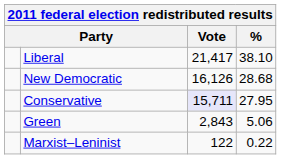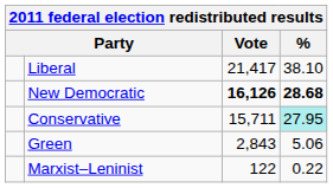 <table class="wikitable">
 <tr>
 <th colspan="4"><a href='#'>2011 federal election</a> redistributed results</th>
 </tr>
 <tr>
 <th bgcolor="#DDDDFF" width="130px" colspan="2">Party</th>
 <th bgcolor="#DDDDFF" width="50px">Vote</th>
 <th bgcolor="#DDDDFF" width="30px">%</th>
 </tr>
 <tr>
 <td> </td>
 <td><a href='#'>Liberal</a></td>
 <td align=right>21,417</td>
 <td align=right>38.10</td>
 </tr>
 <tr>
 <td> </td>
 <td><a href='#'>New Democratic</a></td>
-<td align=right>16,126</td>
-<td align=right>28.68</td>
+<td align=right><strong>16,126</strong></td>
+<td align=right><strong>28.68</strong></td>
 </tr>
 <tr>
 <td> </td>
 <td><a href='#'>Conservative</a></td>
-<td align=right style="background: lavender;">15,711</td>
-<td align=right>27.95</td>
+<td align=right>15,711</td>
+<td align=right style="background: paleturquoise;">27.95</td>
 </tr>
 <tr>
 <td> </td>
 <td><a href='#'>Green</a></td>
 <td align=right>2,843</td>
 <td align=right>5.06</td>
 </tr>
 <tr>
 <td> </td>
 <td><a href='#'>Marxist–Leninist</a></td>
 <td align=right>122</td>
 <td align=right>0.22</td>
 </tr>
 </table>
